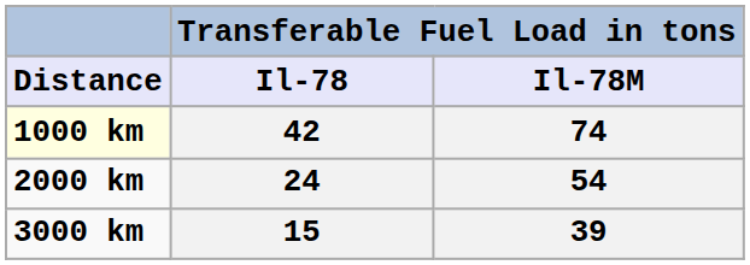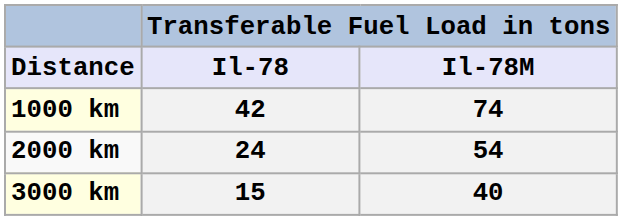 <table class="wikitable">
 <tr>
 <td style="background: lightsteelblue;"></td>
 <th style="align: centre; background: lightsteelblue;" colspan="2">Transferable Fuel Load in tons</th>
 </tr>
 <tr>
 <th style="background: lavender;">Distance</th>
 <th style="background: lavender;">Il-78</th>
 <th style="background: lavender;">Il-78M</th>
 </tr>
 <tr>
 <td style="background: lightyellow;"><strong>1000 km</strong></td>
 <th>42</th>
 <th>74</th>
 </tr>
 <tr>
 <td><strong>2000 km</strong></td>
 <th>24</th>
 <th>54</th>
 </tr>
 <tr>
-<td><strong>3000 km</strong></td>
+<td style="background: lightyellow;"><strong>3000 km</strong></td>
 <th>15</th>
-<th>39</th>
+<th>40</th>
 </tr>
 </table>
